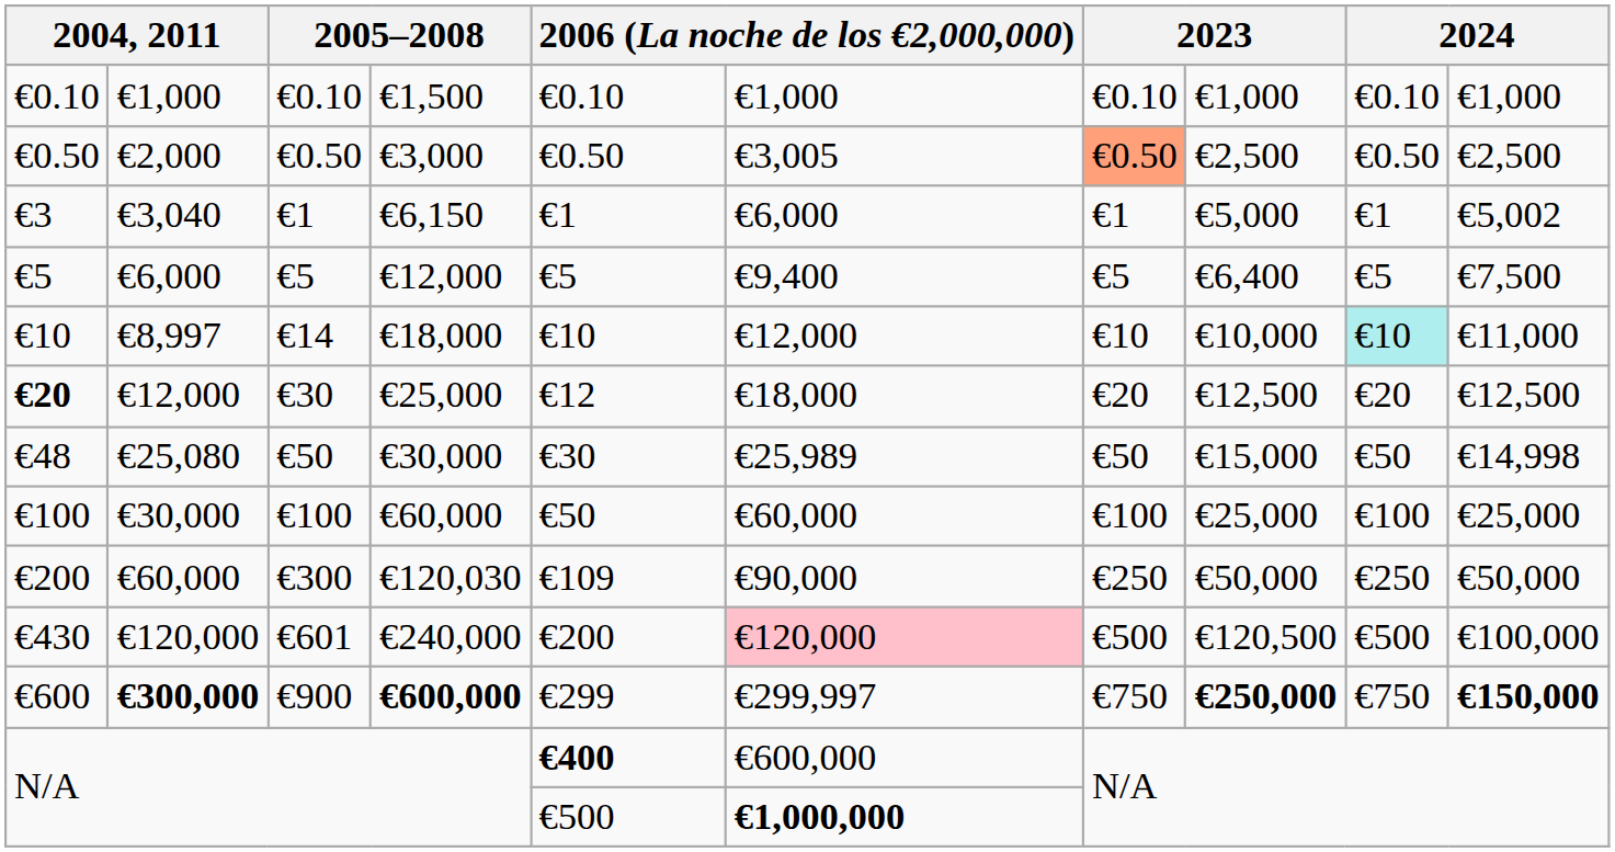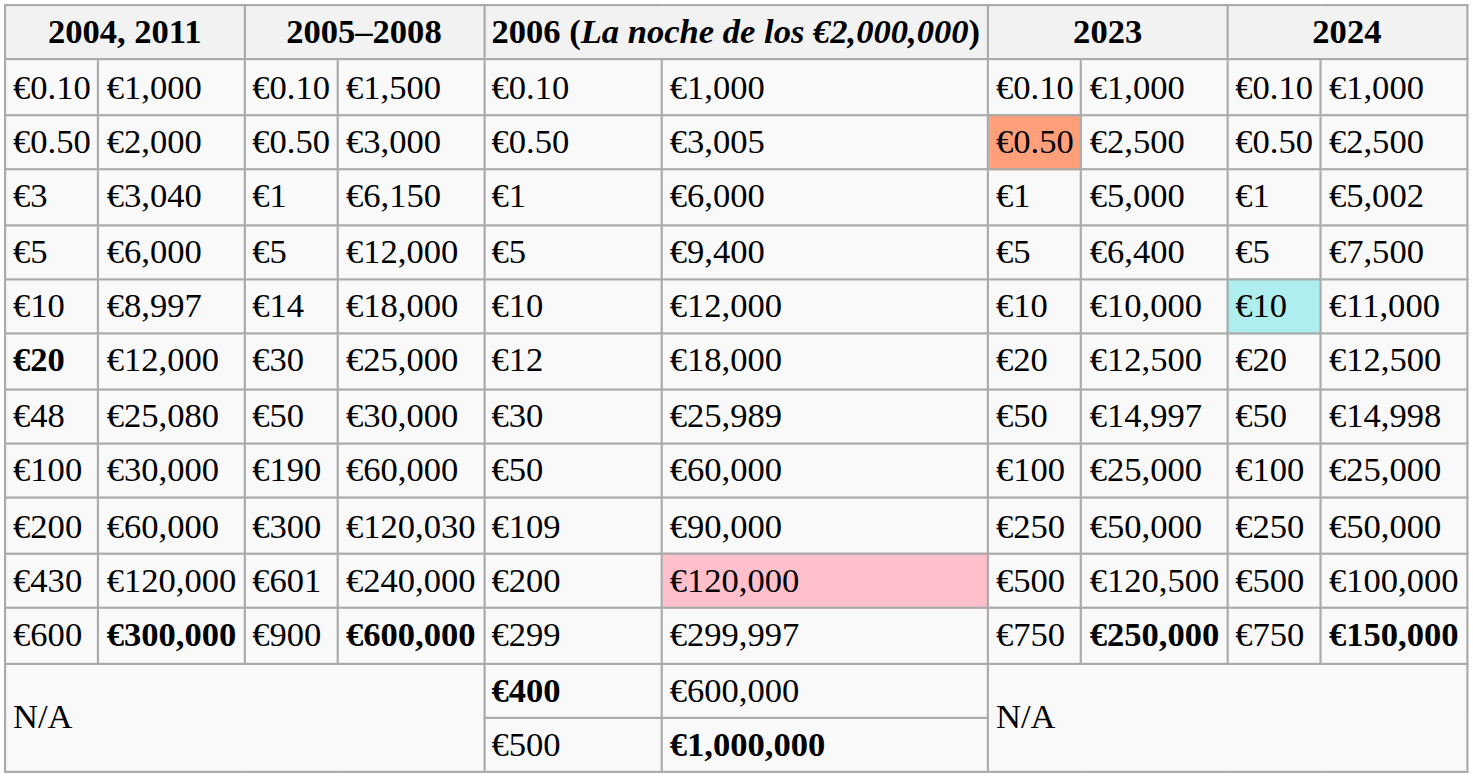 <table class="wikitable">
 <tr>
 <th colspan="2">2004, 2011</th>
 <th colspan="2">2005–2008</th>
 <th colspan="2">2006 (<em>La noche de los €2,000,000</em>)</th>
 <th colspan="2">2023</th>
 <th colspan="2">2024</th>
 </tr>
 <tr>
 <td>€0.10</td>
 <td>€1,000</td>
 <td>€0.10</td>
 <td>€1,500</td>
 <td>€0.10</td>
 <td>€1,000</td>
 <td>€0.10</td>
 <td>€1,000</td>
 <td>€0.10</td>
 <td>€1,000</td>
 </tr>
 <tr>
 <td>€0.50</td>
 <td>€2,000</td>
 <td>€0.50</td>
 <td>€3,000</td>
 <td>€0.50</td>
 <td>€3,005</td>
 <td style="background: lightsalmon;">€0.50</td>
 <td>€2,500</td>
 <td>€0.50</td>
 <td>€2,500</td>
 </tr>
 <tr>
 <td>€3</td>
 <td>€3,040</td>
 <td>€1</td>
 <td>€6,150</td>
 <td>€1</td>
 <td>€6,000</td>
 <td>€1</td>
 <td>€5,000</td>
 <td>€1</td>
 <td>€5,002</td>
 </tr>
 <tr>
 <td>€5</td>
 <td>€6,000</td>
 <td>€5</td>
 <td>€12,000</td>
 <td>€5</td>
 <td>€9,400</td>
 <td>€5</td>
 <td>€6,400</td>
 <td>€5</td>
 <td>€7,500</td>
 </tr>
 <tr>
 <td>€10</td>
 <td>€8,997</td>
 <td>€14</td>
 <td>€18,000</td>
 <td>€10</td>
 <td>€12,000</td>
 <td>€10</td>
 <td>€10,000</td>
 <td style="background: paleturquoise;">€10</td>
 <td>€11,000</td>
 </tr>
 <tr>
 <td><strong>€20</strong></td>
 <td>€12,000</td>
 <td>€30</td>
 <td>€25,000</td>
 <td>€12</td>
 <td>€18,000</td>
 <td>€20</td>
 <td>€12,500</td>
 <td>€20</td>
 <td>€12,500</td>
 </tr>
 <tr>
 <td>€48</td>
 <td>€25,080</td>
 <td>€50</td>
 <td>€30,000</td>
 <td>€30</td>
 <td>€25,989</td>
 <td>€50</td>
-<td>€15,000</td>
+<td>€14,997</td>
 <td>€50</td>
 <td>€14,998</td>
 </tr>
 <tr>
 <td>€100</td>
 <td>€30,000</td>
-<td>€100</td>
+<td>€190</td>
 <td>€60,000</td>
 <td>€50</td>
 <td>€60,000</td>
 <td>€100</td>
 <td>€25,000</td>
 <td>€100</td>
 <td>€25,000</td>
 </tr>
 <tr>
 <td>€200</td>
 <td>€60,000</td>
 <td>€300</td>
 <td>€120,030</td>
 <td>€109</td>
 <td>€90,000</td>
 <td>€250</td>
 <td>€50,000</td>
 <td>€250</td>
 <td>€50,000</td>
 </tr>
 <tr>
 <td>€430</td>
 <td>€120,000</td>
 <td>€601</td>
 <td>€240,000</td>
 <td>€200</td>
 <td style="background: pink;">€120,000</td>
 <td>€500</td>
 <td>€120,500</td>
 <td>€500</td>
 <td>€100,000</td>
 </tr>
 <tr>
 <td>€600</td>
 <td><strong>€300,000</strong></td>
 <td>€900</td>
 <td><strong>€600,000</strong></td>
 <td>€299</td>
 <td>€299,997</td>
 <td>€750</td>
 <td><strong>€250,000</strong></td>
 <td>€750</td>
 <td><strong>€150,000</strong></td>
 </tr>
 <tr>
 <td colspan="4" rowspan="2">N/A</td>
 <td><strong>€400</strong></td>
 <td>€600,000</td>
 <td colspan="4" rowspan="2">N/A</td>
 </tr>
 <tr>
 <td>€500</td>
 <td><strong>€1,000,000</strong></td>
 </tr>
 </table>
